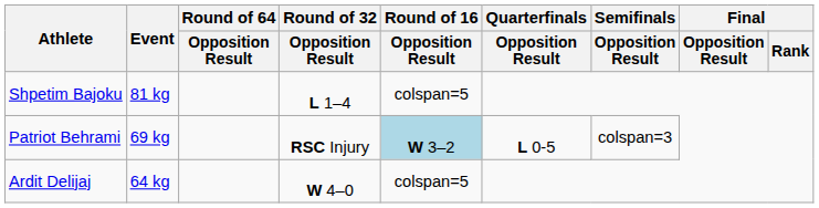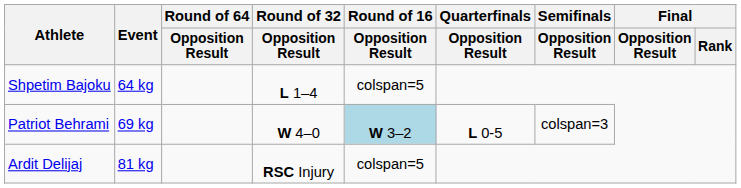 <table class="wikitable" style="text-align:center; font-size:90%">
 <tr>
 <th rowspan=2>Athlete</th>
 <th rowspan=2>Event</th>
 <th>Round of 64</th>
 <th>Round of 32</th>
 <th>Round of 16</th>
 <th>Quarterfinals</th>
 <th>Semifinals</th>
 <th colspan=2>Final</th>
 </tr>
 <tr style="font-size:95%">
 <th>Opposition<br>Result</th>
 <th>Opposition<br>Result</th>
 <th>Opposition<br>Result</th>
 <th>Opposition<br>Result</th>
 <th>Opposition<br>Result</th>
 <th>Opposition<br>Result</th>
 <th>Rank</th>
 </tr>
 <tr>
 <td align=left><a href='#'>Shpetim Bajoku</a></td>
-<td align=left><a href='#'>81 kg</a></td>
+<td align=left><a href='#'>64 kg</a></td>
 <td></td>
 <td><br><strong>L</strong> 1–4</td>
 <td>colspan=5 </td>
 </tr>
 <tr>
 <td align=left><a href='#'>Patriot Behrami</a></td>
 <td align=left><a href='#'>69 kg</a></td>
 <td></td>
-<td><br><strong>RSC</strong> Injury</td>
+<td><br><strong>W</strong> 4–0</td>
 <td style="background: lightblue;"><br><strong>W</strong> 3–2</td>
 <td><br><strong>L</strong> 0-5</td>
 <td>colspan=3 </td>
 </tr>
 <tr>
 <td align=left><a href='#'>Ardit Delijaj</a></td>
-<td align=left><a href='#'>64 kg</a></td>
+<td align=left><a href='#'>81 kg</a></td>
 <td></td>
-<td><br><strong>W</strong> 4–0</td>
+<td><br><strong>RSC</strong> Injury</td>
 <td>colspan=5 </td>
 </tr>
 </table>
